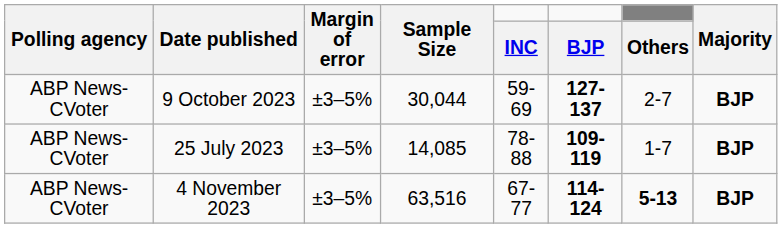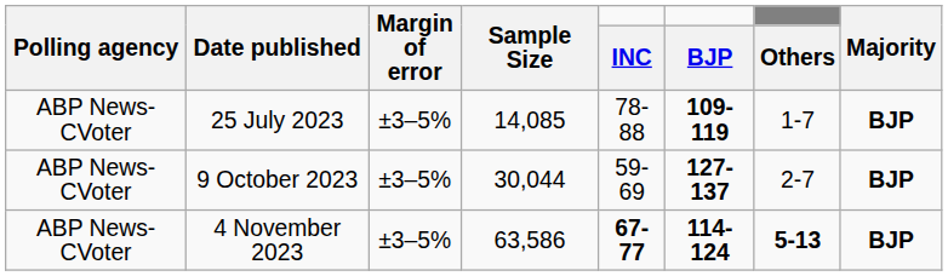 <table class="wikitable" style="text-align:center;font-size:95%;line-height:16px;">
 <tr>
 <th rowspan="2">Polling agency</th>
 <th rowspan="2">Date published</th>
 <th rowspan="2">Margin<br>of error</th>
 <th rowspan="2">Sample Size</th>
 <td></td>
 <td></td>
 <td style="background:gray;"></td>
 <th rowspan="2">Majority</th>
 </tr>
 <tr>
 <th><a href='#'>INC</a></th>
 <th><a href='#'>BJP</a></th>
 <th>Others</th>
 </tr>
 <tr>
 <td>ABP News-CVoter</td>
+<td>25 July 2023</td>
+<td>±3–5%</td>
+<td>14,085</td>
+<td>78-88</td>
+<td><strong>109-119</strong></td>
+<td>1-7</td>
+<td><strong>BJP</strong></td>
+</tr>
+<tr>
+<td>ABP News-CVoter</td>
 <td>9 October 2023</td>
 <td>±3–5%</td>
 <td>30,044</td>
 <td>59-69</td>
 <td><strong>127-137</strong></td>
 <td>2-7</td>
 <td><strong>BJP</strong></td>
 </tr>
 <tr>
 <td>ABP News-CVoter</td>
-<td>25 July 2023</td>
-<td>±3–5%</td>
-<td>14,085</td>
-<td>78-88</td>
-<td><strong>109-119</strong></td>
-<td>1-7</td>
-<td><strong>BJP</strong></td>
-</tr>
-<tr>
-<td>ABP News-CVoter</td>
 <td>4 November 2023</td>
 <td>±3–5%</td>
-<td>63,516</td>
-<td>67-77</td>
+<td>63,586</td>
+<td><strong>67-77</strong></td>
 <td><strong>114-124</strong></td>
 <td><strong>5-13</strong></td>
 <td><strong>BJP</strong></td>
 </tr>
 </table>
